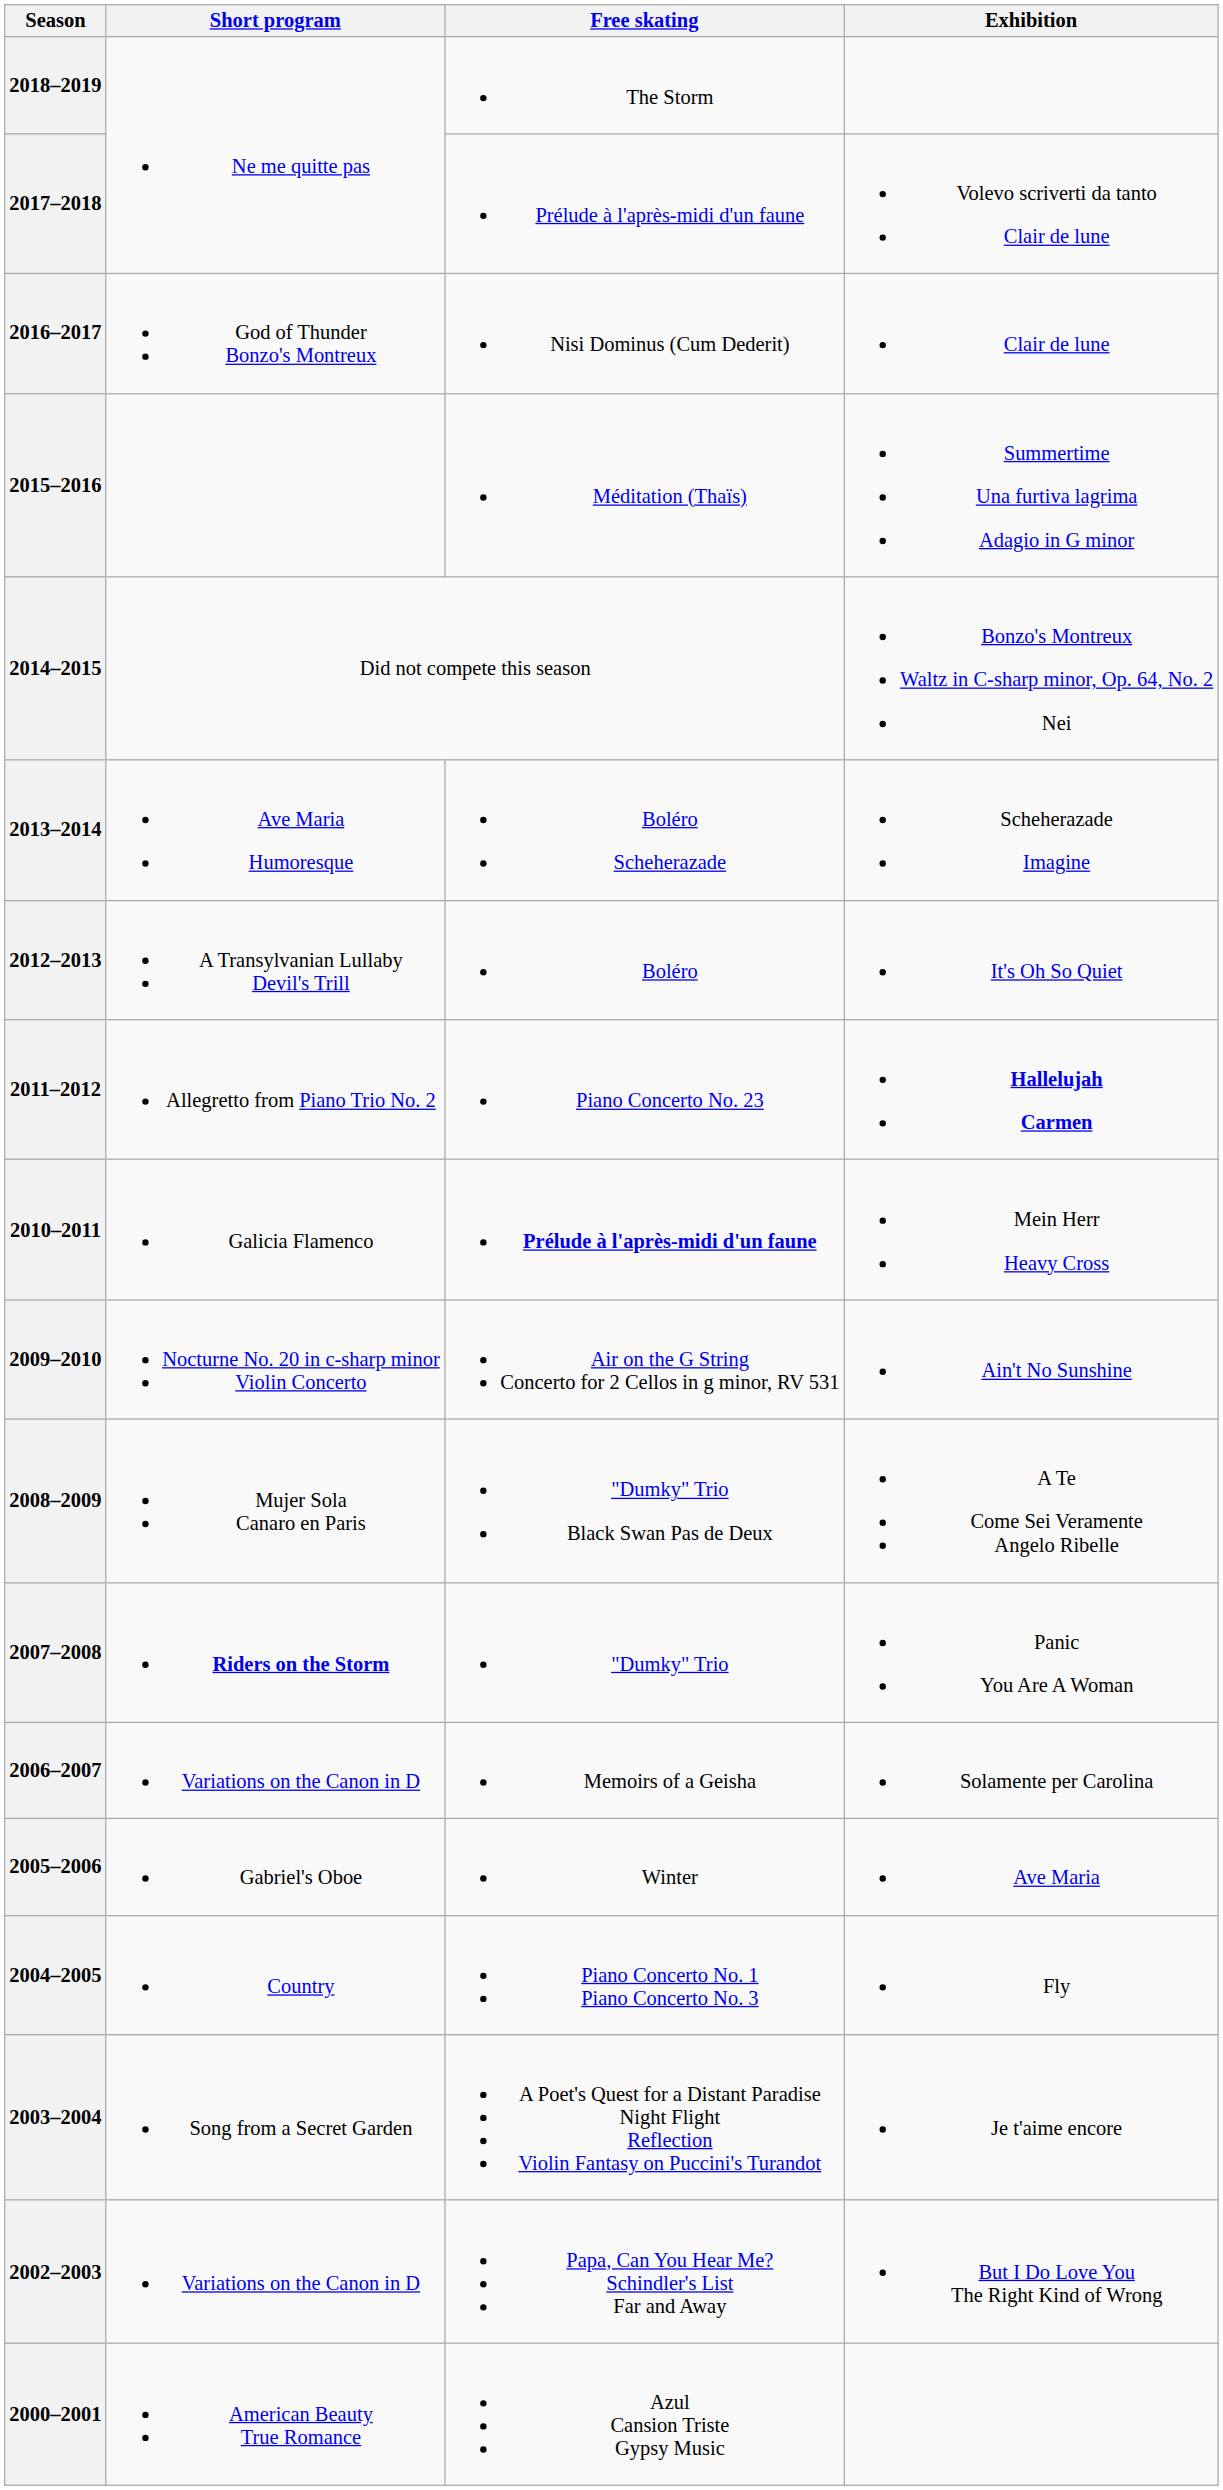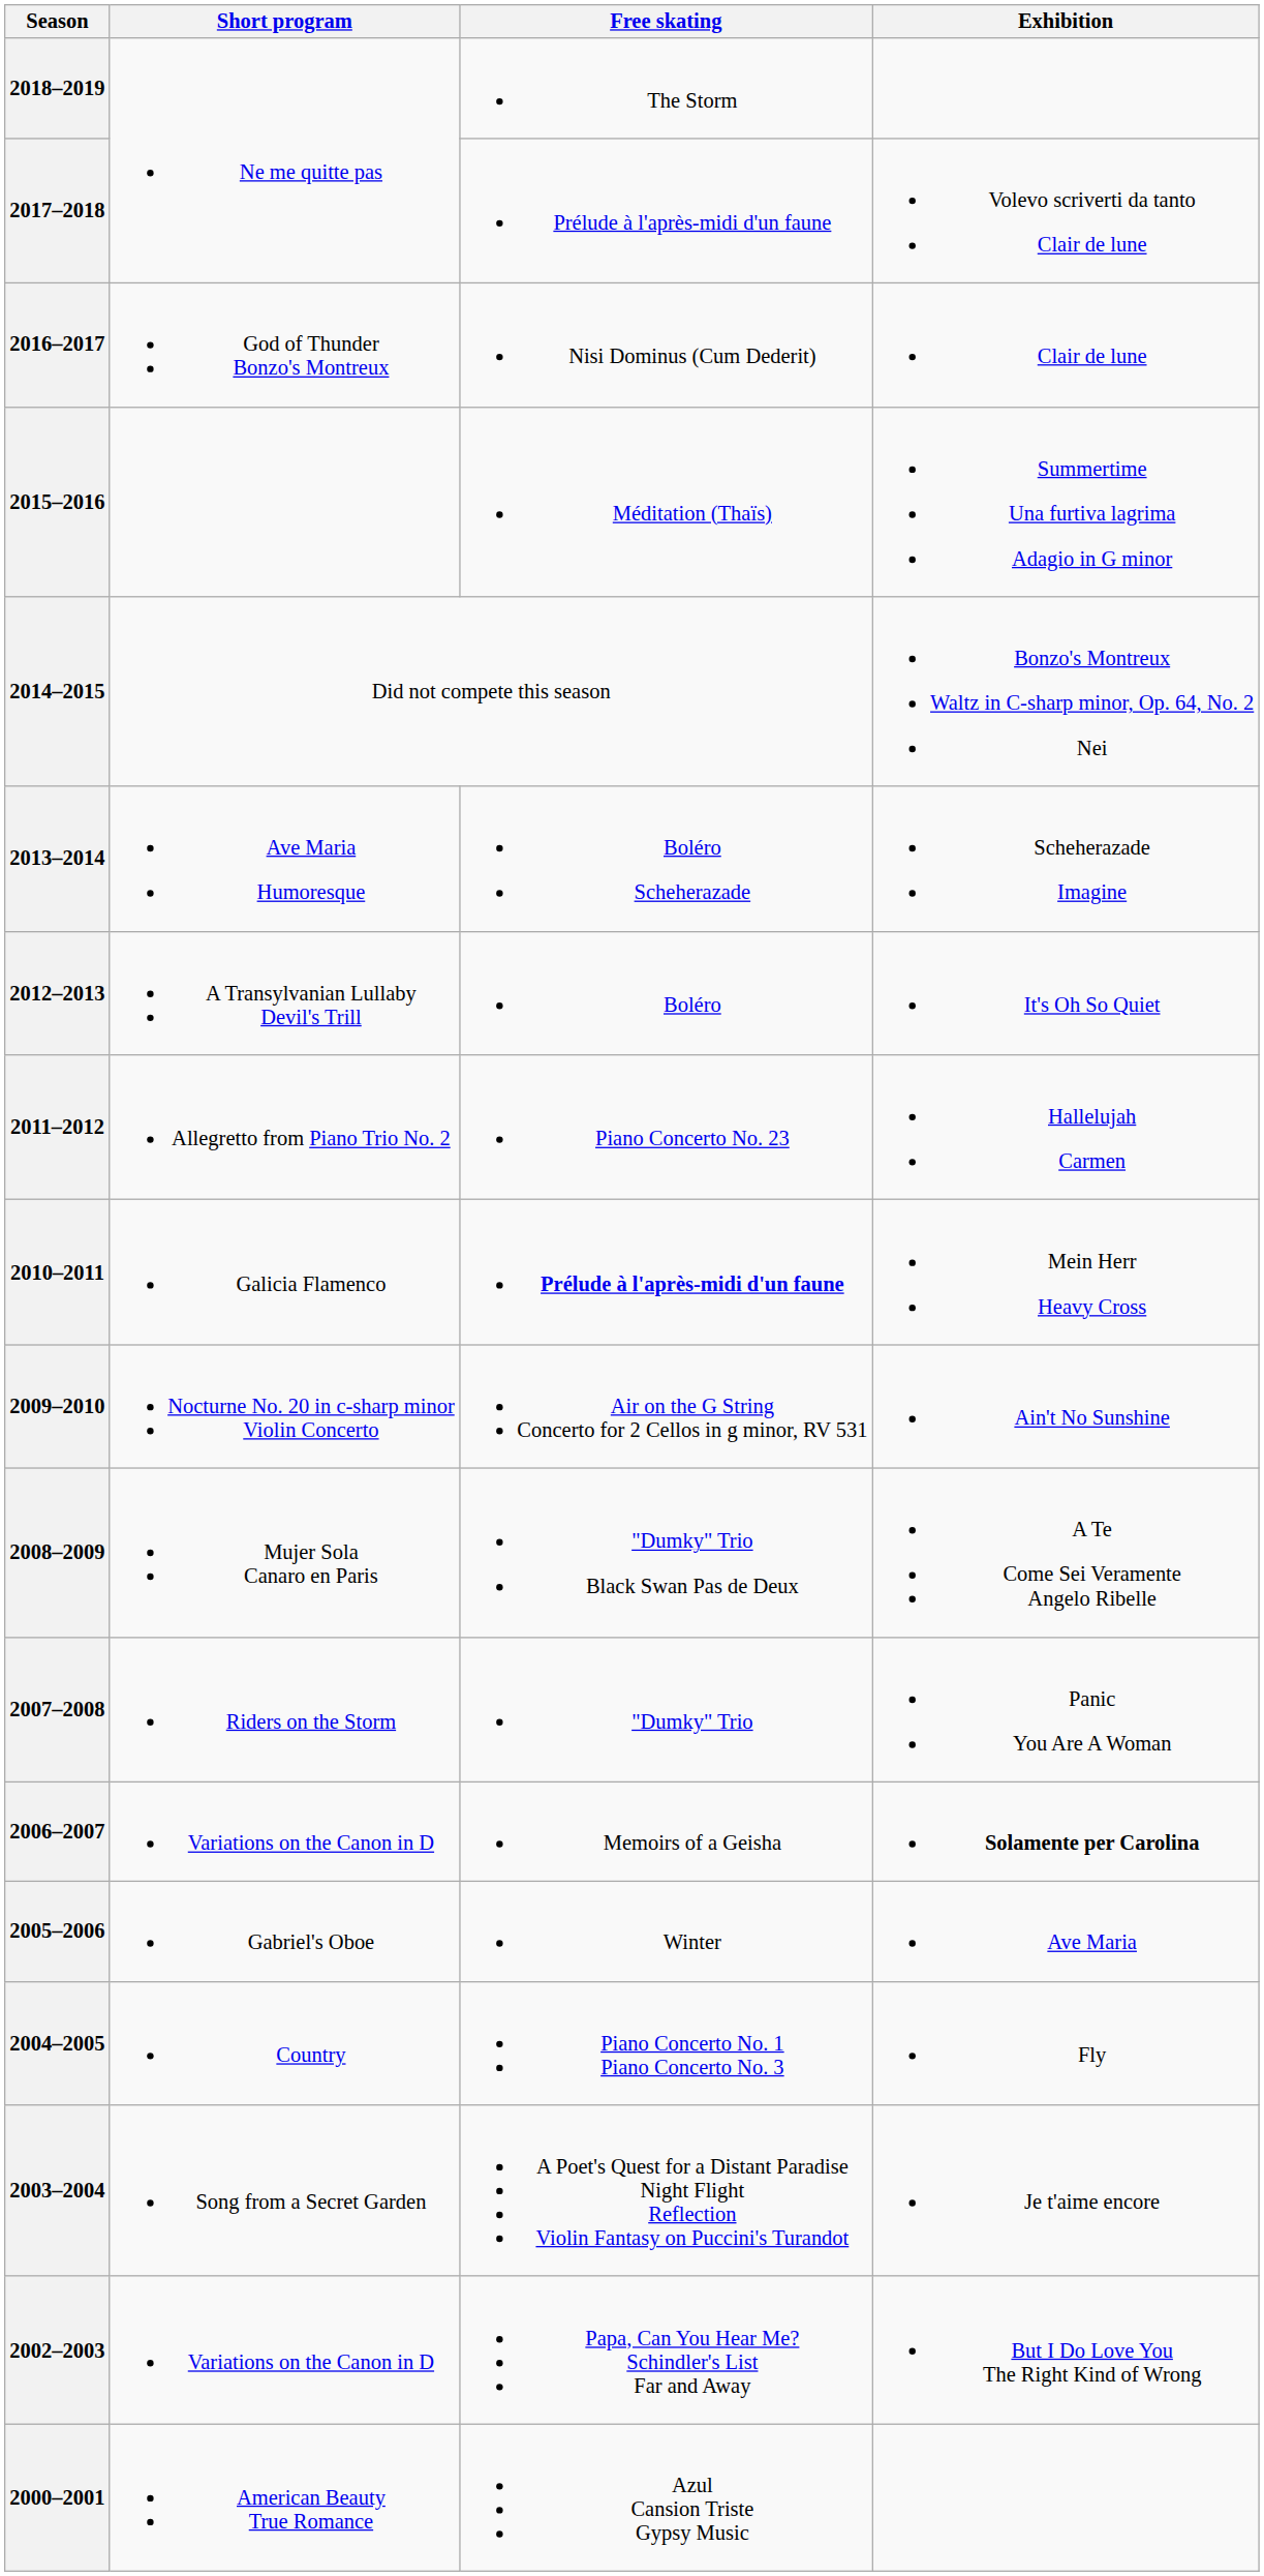 <table class="wikitable" style="text-align:center">
 <tr>
 <th>Season</th>
 <th><a href='#'>Short program</a></th>
 <th><a href='#'>Free skating</a></th>
 <th>Exhibition</th>
 </tr>
 <tr>
 <th>2018–2019 <br></th>
 <td rowspan=2><br><ul><li><a href='#'>Ne me quitte pas</a> <br></li></ul></td>
 <td><br><ul><li>The Storm <br></li></ul></td>
 <td></td>
 </tr>
 <tr>
 <th>2017–2018 <br></th>
 <td><br><ul><li><a href='#'>Prélude à l'après-midi d'un faune</a> <br></li></ul></td>
 <td><br><ul><li>Volevo scriverti da tanto <br></li></ul><ul><li><a href='#'>Clair de lune</a> <br></li></ul></td>
 </tr>
 <tr>
 <th>2016–2017 <br> </th>
 <td><br><ul><li>God of Thunder <br></li><li><a href='#'>Bonzo's Montreux</a> <br></li></ul></td>
 <td><br><ul><li>Nisi Dominus (Cum Dederit) <br></li></ul></td>
 <td><br><ul><li><a href='#'>Clair de lune</a> <br></li></ul></td>
 </tr>
 <tr>
 <th>2015–2016</th>
 <td></td>
 <td><br><ul><li><a href='#'>Méditation (Thaïs)</a> <br></li></ul></td>
 <td><br><ul><li><a href='#'>Summertime</a> <br></li></ul><ul><li><a href='#'>Una furtiva lagrima</a> <br></li></ul><ul><li><a href='#'>Adagio in G minor</a> <br></li></ul></td>
 </tr>
 <tr>
 <th>2014–2015 <br> </th>
 <td align=centre colspan=2>Did not compete this season</td>
 <td><br><ul><li><a href='#'>Bonzo's Montreux</a> <br> </li></ul><ul><li><a href='#'>Waltz in C-sharp minor, Op. 64, No. 2</a> <br></li></ul><ul><li>Nei <br></li></ul></td>
 </tr>
 <tr>
 <th>2013–2014 <br> </th>
 <td><br><ul><li><a href='#'>Ave Maria</a> <br></li></ul><ul><li><a href='#'>Humoresque</a> <br></li></ul></td>
 <td><br><ul><li><a href='#'>Boléro</a> <br></li></ul><ul><li><a href='#'>Scheherazade</a> <br></li></ul></td>
 <td><br><ul><li>Scheherazade <br></li></ul><ul><li><a href='#'>Imagine</a> <br></li></ul></td>
 </tr>
 <tr>
 <th>2012–2013 <br> </th>
 <td><br><ul><li>A Transylvanian Lullaby <br></li><li><a href='#'>Devil's Trill</a> <br></li></ul></td>
 <td><br><ul><li><a href='#'>Boléro</a> <br></li></ul></td>
 <td><br><ul><li><a href='#'>It's Oh So Quiet</a> <br></li></ul></td>
 </tr>
 <tr>
 <th>2011–2012 <br> </th>
 <td><br><ul><li>Allegretto from <a href='#'>Piano Trio No. 2</a> <br></li></ul></td>
 <td><br><ul><li><a href='#'>Piano Concerto No. 23</a> <br></li></ul></td>
-<td><strong><br><ul><li><a href='#'>Hallelujah</a> <br></li></ul><ul><li><a href='#'>Carmen</a> <br></li></ul></strong></td>
+<td><br><ul><li><a href='#'>Hallelujah</a> <br></li></ul><ul><li><a href='#'>Carmen</a> <br></li></ul></td>
 </tr>
 <tr>
 <th>2010–2011 <br> </th>
 <td><br><ul><li>Galicia Flamenco <br></li></ul></td>
 <td><strong><br><ul><li><a href='#'>Prélude à l'après-midi d'un faune</a> <br></li></ul></strong></td>
 <td><br><ul><li>Mein Herr <br> </li></ul><ul><li><a href='#'>Heavy Cross</a> <br></li></ul></td>
 </tr>
 <tr>
 <th>2009–2010 <br> </th>
 <td><br><ul><li><a href='#'>Nocturne No. 20 in c-sharp minor</a> <br></li><li><a href='#'>Violin Concerto</a> <br></li></ul></td>
 <td><br><ul><li><a href='#'>Air on the G String</a> <br></li><li>Concerto for 2 Cellos in g minor, RV 531 <br></li></ul></td>
 <td><br><ul><li><a href='#'>Ain't No Sunshine</a> <br></li></ul></td>
 </tr>
 <tr>
 <th>2008–2009 <br> </th>
 <td><br><ul><li>Mujer Sola</li><li>Canaro en Paris <br></li></ul></td>
 <td><br><ul><li><a href='#'>"Dumky" Trio</a> <br></li></ul><ul><li>Black Swan Pas de Deux <br></li></ul></td>
 <td><br><ul><li>A Te <br></li></ul><ul><li>Come Sei Veramente</li><li>Angelo Ribelle <br></li></ul></td>
 </tr>
 <tr>
 <th>2007–2008 <br> </th>
-<td><strong><br><ul><li><a href='#'>Riders on the Storm</a> <br></li></ul></strong></td>
+<td><br><ul><li><a href='#'>Riders on the Storm</a> <br></li></ul></td>
 <td><br><ul><li><a href='#'>"Dumky" Trio</a> <br></li></ul></td>
 <td><br><ul><li>Panic <br></li></ul><ul><li>You Are A Woman <br></li></ul></td>
 </tr>
 <tr>
 <th>2006–2007 <br> </th>
 <td><br><ul><li><a href='#'>Variations on the Canon in D</a> <br></li></ul></td>
 <td><br><ul><li>Memoirs of a Geisha <br></li></ul></td>
-<td><br><ul><li>Solamente per Carolina <br></li></ul></td>
+<td><strong><br><ul><li>Solamente per Carolina <br></li></ul></strong></td>
 </tr>
 <tr>
 <th>2005–2006 <br> </th>
 <td><br><ul><li>Gabriel's Oboe <br></li></ul></td>
 <td><br><ul><li>Winter <br></li></ul></td>
 <td><br><ul><li><a href='#'>Ave Maria</a> <br></li></ul></td>
 </tr>
 <tr>
 <th>2004–2005 <br> </th>
 <td><br><ul><li><a href='#'>Country</a> <br></li></ul></td>
 <td><br><ul><li><a href='#'>Piano Concerto No. 1</a></li><li><a href='#'>Piano Concerto No. 3</a> <br></li></ul></td>
 <td><br><ul><li>Fly <br></li></ul></td>
 </tr>
 <tr>
 <th>2003–2004 <br> </th>
 <td><br><ul><li>Song from a Secret Garden <br></li></ul></td>
 <td><br><ul><li>A Poet's Quest for a Distant Paradise</li><li>Night Flight</li><li><a href='#'>Reflection</a></li><li><a href='#'>Violin Fantasy on Puccini's Turandot</a> <br></li></ul></td>
 <td><br><ul><li>Je t'aime encore <br></li></ul></td>
 </tr>
 <tr>
 <th>2002–2003 <br> </th>
 <td><br><ul><li><a href='#'>Variations on the Canon in D</a> <br></li></ul></td>
 <td><br><ul><li><a href='#'>Papa, Can You Hear Me?</a></li><li><a href='#'>Schindler's List</a></li><li>Far and Away <br></li></ul></td>
 <td><br><ul><li><a href='#'>But I Do Love You</a> <br> The Right Kind of Wrong <br></li></ul></td>
 </tr>
 <tr>
 <th>2000–2001 <br> </th>
 <td><br><ul><li><a href='#'>American Beauty</a> <br></li><li><a href='#'>True Romance</a> <br></li></ul></td>
 <td><br><ul><li>Azul <br></li><li>Cansion Triste <br></li><li>Gypsy Music</li></ul></td>
 <td></td>
 </tr>
 </table>
